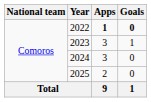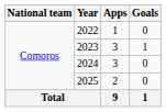 <table class=wikitable style=text-align:center>
 <tr>
 <th>National team</th>
 <th>Year</th>
 <th>Apps</th>
 <th>Goals</th>
 </tr>
 <tr>
 <td rowspan="4"><a href='#'>Comoros</a></td>
 <td>2022</td>
-<td><strong>1</strong></td>
-<td><strong>0</strong></td>
+<td>1</td>
+<td>0</td>
 </tr>
 <tr>
 <td>2023</td>
 <td>3</td>
 <td>1</td>
 </tr>
 <tr>
 <td>2024</td>
 <td>3</td>
 <td>0</td>
 </tr>
 <tr>
 <td>2025</td>
 <td>2</td>
 <td>0</td>
 </tr>
 <tr>
 <th colspan="2">Total</th>
 <th>9</th>
 <th>1</th>
 </tr>
 </table>
